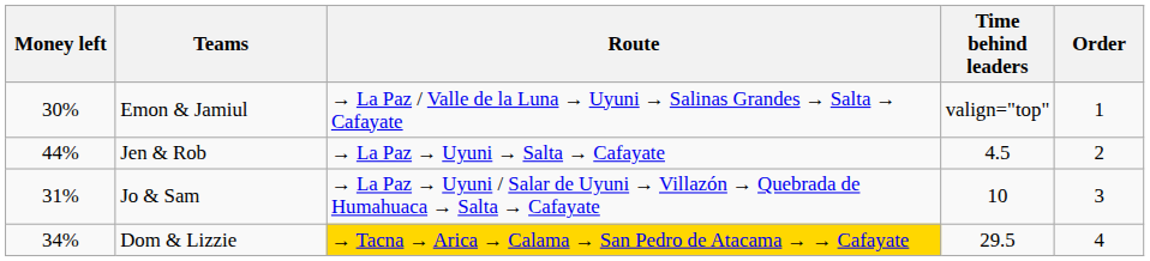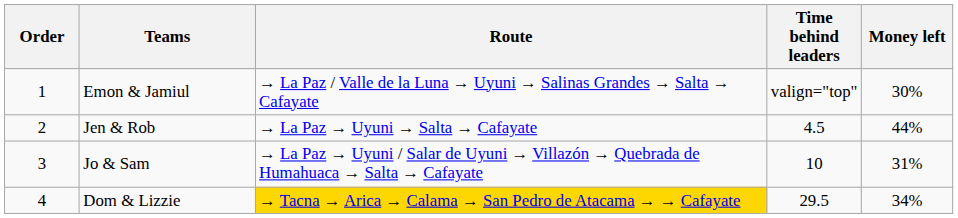 <table class="wikitable sortable" style="text-align:center">
 <tr>
-<th style="width:5em">Money left</th>
+<th style="width:4em">Order</th>
 <th style="width:10em">Teams</th>
 <th style="width:30em">Route</th>
 <th style="width:5em">Time behind leaders</th>
-<th style="width:4em">Order</th>
+<th style="width:5em">Money left</th>
 </tr>
 <tr>
-<td>30%</td>
+<td>1</td>
 <td style="text-align:left">Emon & Jamiul</td>
 <td style="text-align:left"> → <a href='#'>La Paz</a>  / <a href='#'>Valle de la Luna</a>   → <a href='#'>Uyuni</a>  → <a href='#'>Salinas Grandes</a>   → <a href='#'>Salta</a> → <a href='#'>Cafayate</a></td>
 <td>valign="top" </td>
-<td>1</td>
+<td>30%</td>
 </tr>
 <tr>
-<td>44%</td>
+<td>2</td>
 <td style="text-align:left">Jen & Rob</td>
 <td style="text-align:left"> → <a href='#'>La Paz</a>  → <a href='#'>Uyuni</a>  → <a href='#'>Salta</a>  → <a href='#'>Cafayate</a></td>
 <td>4.5</td>
-<td>2</td>
+<td>44%</td>
 </tr>
 <tr>
-<td>31%</td>
+<td>3</td>
 <td style=text-align:left>Jo & Sam</td>
 <td style=text-align:left> → <a href='#'>La Paz</a>  → <a href='#'>Uyuni</a> / <a href='#'>Salar de Uyuni</a>   → <a href='#'>Villazón</a>  → <a href='#'>Quebrada de Humahuaca</a>   → <a href='#'>Salta</a>   → <a href='#'>Cafayate</a></td>
 <td>10</td>
-<td>3</td>
+<td>31%</td>
 </tr>
 <tr>
-<td>34%</td>
+<td>4</td>
 <td style="text-align:left">Dom & Lizzie</td>
 <td style="background: gold; text-align:left"> → <a href='#'>Tacna</a>  → <a href='#'>Arica</a>  → <a href='#'>Calama</a> → <a href='#'>San Pedro de Atacama</a>  → → <a href='#'>Cafayate</a></td>
 <td>29.5</td>
-<td>4</td>
+<td>34%</td>
 </tr>
 </table>
